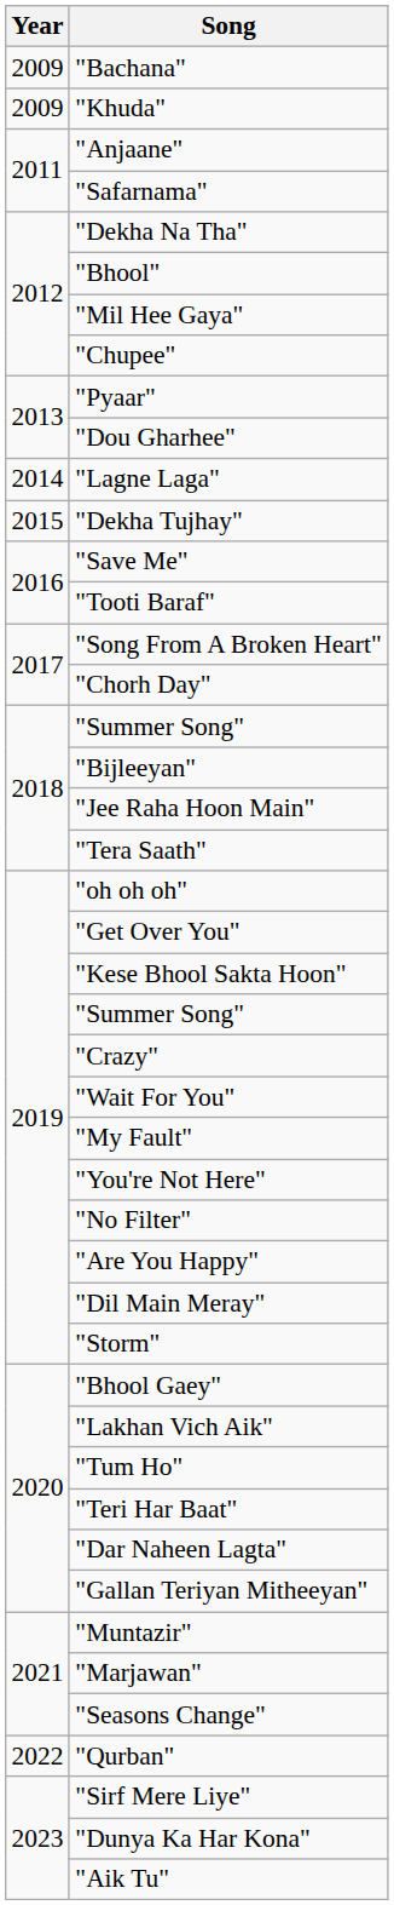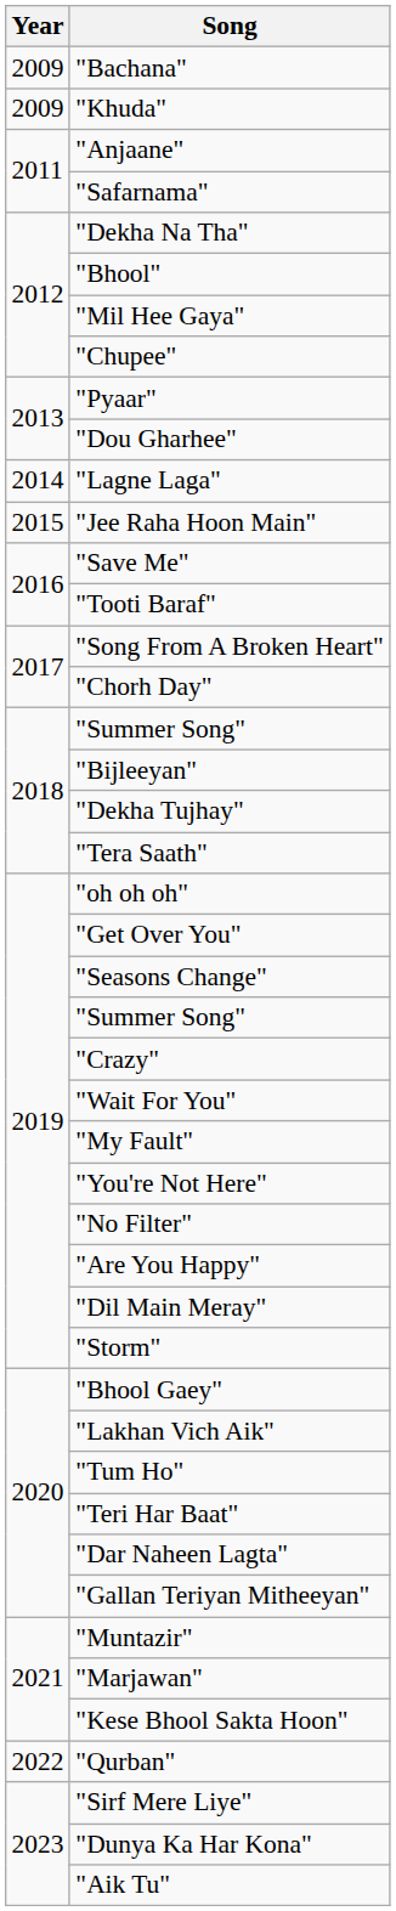 <table class="wikitable">
 <tr>
 <th>Year</th>
 <th>Song</th>
 </tr>
 <tr>
 <td>2009</td>
 <td>"Bachana"</td>
 </tr>
 <tr>
 <td rowspan="1">2009</td>
 <td>"Khuda"</td>
 </tr>
 <tr>
 <td rowspan="2">2011</td>
 <td>"Anjaane"</td>
 </tr>
 <tr>
 <td>"Safarnama"</td>
 </tr>
 <tr>
 <td rowspan="4">2012</td>
 <td>"Dekha Na Tha"</td>
 </tr>
 <tr>
 <td>"Bhool"</td>
 </tr>
 <tr>
 <td>"Mil Hee Gaya"</td>
 </tr>
 <tr>
 <td>"Chupee"</td>
 </tr>
 <tr>
 <td rowspan="2">2013</td>
 <td>"Pyaar"</td>
 </tr>
 <tr>
 <td>"Dou Gharhee"</td>
 </tr>
 <tr>
 <td>2014</td>
 <td>"Lagne Laga"</td>
 </tr>
 <tr>
 <td>2015</td>
-<td>"Dekha Tujhay"</td>
+<td>"Jee Raha Hoon Main"</td>
 </tr>
 <tr>
 <td rowspan="2">2016</td>
 <td>"Save Me"</td>
 </tr>
 <tr>
 <td>"Tooti Baraf"</td>
 </tr>
 <tr>
 <td rowspan="2">2017</td>
 <td>"Song From A Broken Heart"</td>
 </tr>
 <tr>
 <td>"Chorh Day"</td>
 </tr>
 <tr>
 <td rowspan="4">2018</td>
 <td>"Summer Song"</td>
 </tr>
 <tr>
 <td>"Bijleeyan"</td>
 </tr>
 <tr>
-<td>"Jee Raha Hoon Main"</td>
+<td>"Dekha Tujhay"</td>
 </tr>
 <tr>
 <td>"Tera Saath"</td>
 </tr>
 <tr>
 <td rowspan="12">2019</td>
 <td>"oh oh oh"</td>
 </tr>
 <tr>
 <td>"Get Over You"</td>
 </tr>
 <tr>
-<td>"Kese Bhool Sakta Hoon"</td>
+<td>"Seasons Change"</td>
 </tr>
 <tr>
 <td>"Summer Song"</td>
 </tr>
 <tr>
 <td>"Crazy"</td>
 </tr>
 <tr>
 <td>"Wait For You"</td>
 </tr>
 <tr>
 <td>"My Fault"</td>
 </tr>
 <tr>
 <td>"You're Not Here"</td>
 </tr>
 <tr>
 <td>"No Filter"</td>
 </tr>
 <tr>
 <td>"Are You Happy"</td>
 </tr>
 <tr>
 <td>"Dil Main Meray"</td>
 </tr>
 <tr>
 <td>"Storm"</td>
 </tr>
 <tr>
 <td rowspan="6">2020</td>
 <td>"Bhool Gaey"</td>
 </tr>
 <tr>
 <td>"Lakhan Vich Aik"</td>
 </tr>
 <tr>
 <td>"Tum Ho"</td>
 </tr>
 <tr>
 <td>"Teri Har Baat"</td>
 </tr>
 <tr>
 <td>"Dar Naheen Lagta"</td>
 </tr>
 <tr>
 <td>"Gallan Teriyan Mitheeyan"</td>
 </tr>
 <tr>
 <td rowspan="3">2021</td>
 <td>"Muntazir"</td>
 </tr>
 <tr>
 <td>"Marjawan"</td>
 </tr>
 <tr>
-<td>"Seasons Change"</td>
+<td>"Kese Bhool Sakta Hoon"</td>
 </tr>
 <tr>
 <td rowspan="1">2022</td>
 <td>"Qurban"</td>
 </tr>
 <tr>
 <td rowspan="3">2023</td>
 <td>"Sirf Mere Liye"</td>
 </tr>
 <tr>
 <td>"Dunya Ka Har Kona"</td>
 </tr>
 <tr>
 <td>"Aik Tu"</td>
 </tr>
 </table>
